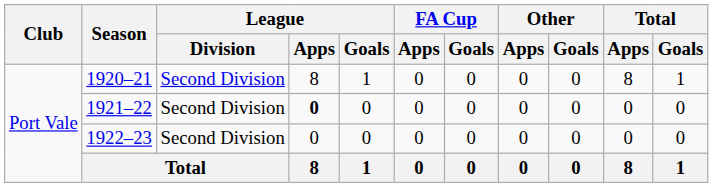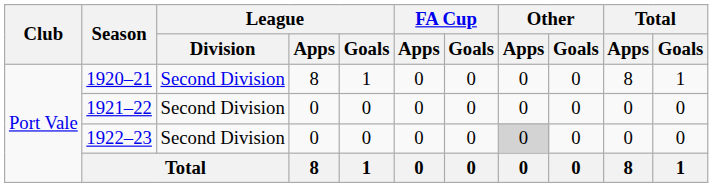 <table class="wikitable" style="text-align:center">
 <tr>
 <th rowspan="2">Club</th>
 <th rowspan="2">Season</th>
 <th colspan="3">League</th>
 <th colspan="2"><a href='#'>FA Cup</a></th>
 <th colspan="2">Other</th>
 <th colspan="2">Total</th>
 </tr>
 <tr>
 <th>Division</th>
 <th>Apps</th>
 <th>Goals</th>
 <th>Apps</th>
 <th>Goals</th>
 <th>Apps</th>
 <th>Goals</th>
 <th>Apps</th>
 <th>Goals</th>
 </tr>
 <tr>
 <td rowspan="4"><a href='#'>Port Vale</a></td>
 <td><a href='#'>1920–21</a></td>
 <td><a href='#'>Second Division</a></td>
 <td>8</td>
 <td>1</td>
 <td>0</td>
 <td>0</td>
 <td>0</td>
 <td>0</td>
 <td>8</td>
 <td>1</td>
 </tr>
 <tr>
 <td><a href='#'>1921–22</a></td>
 <td>Second Division</td>
-<td><strong>0</strong></td>
+<td>0</td>
 <td>0</td>
 <td>0</td>
 <td>0</td>
 <td>0</td>
 <td>0</td>
 <td>0</td>
 <td>0</td>
 </tr>
 <tr>
 <td><a href='#'>1922–23</a></td>
 <td>Second Division</td>
 <td>0</td>
 <td>0</td>
 <td>0</td>
 <td>0</td>
-<td>0</td>
+<td style="background: lightgrey;">0</td>
 <td>0</td>
 <td>0</td>
 <td>0</td>
 </tr>
 <tr>
 <th colspan="2">Total</th>
 <th>8</th>
 <th>1</th>
 <th>0</th>
 <th>0</th>
 <th>0</th>
 <th>0</th>
 <th>8</th>
 <th>1</th>
 </tr>
 </table>
